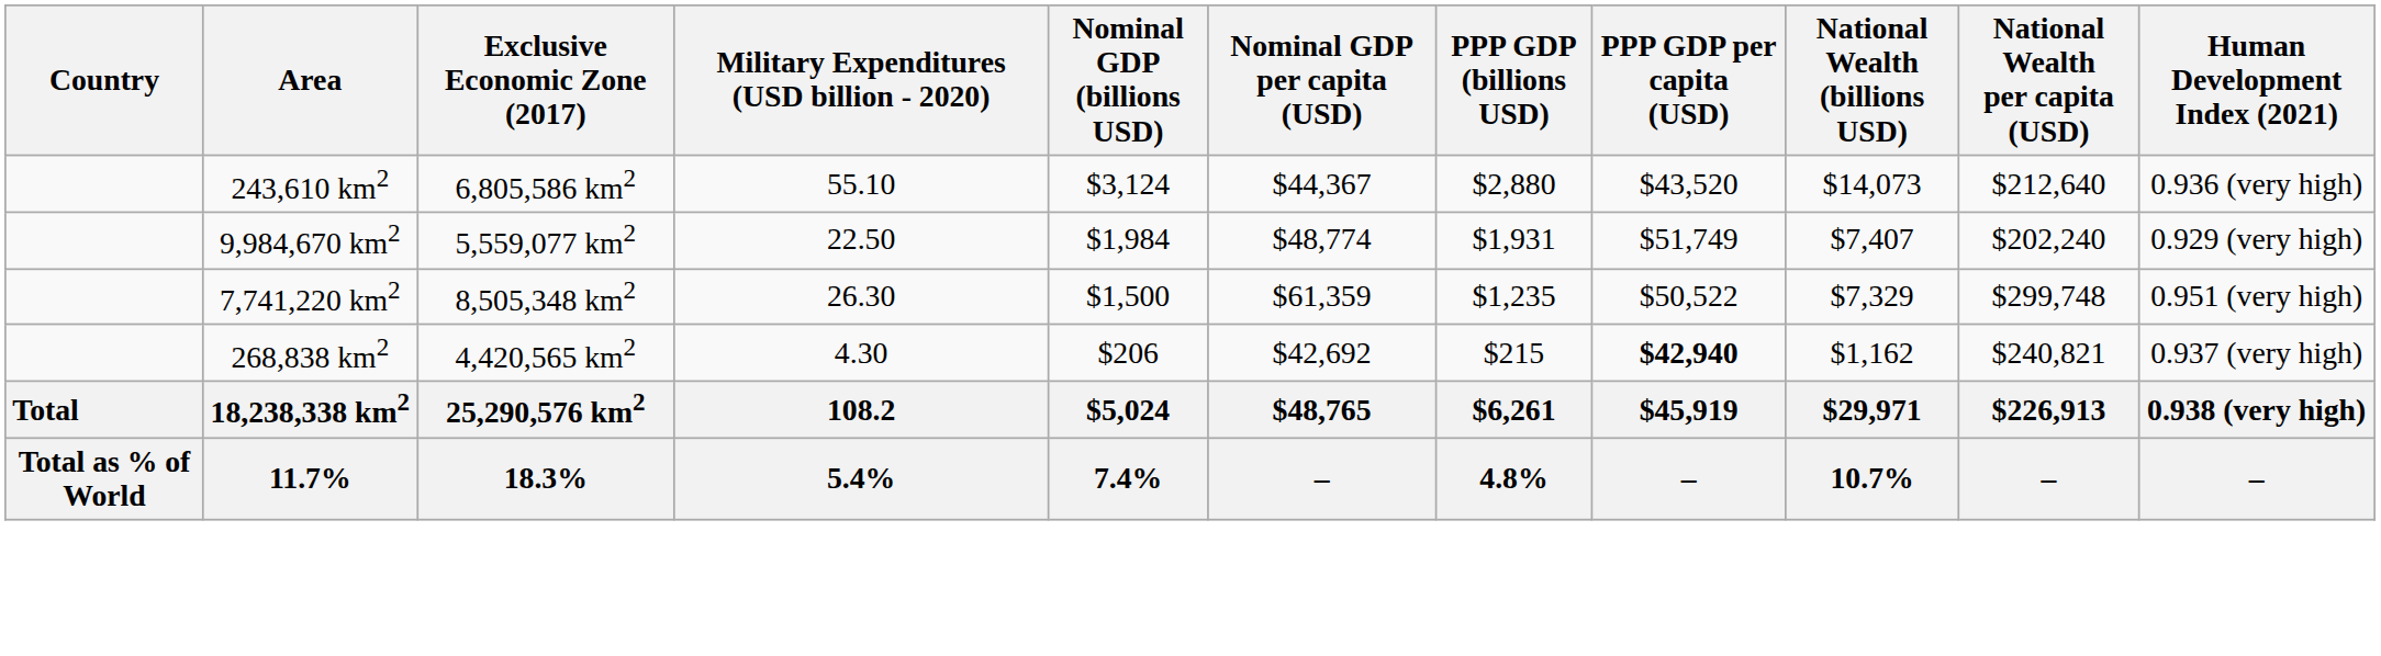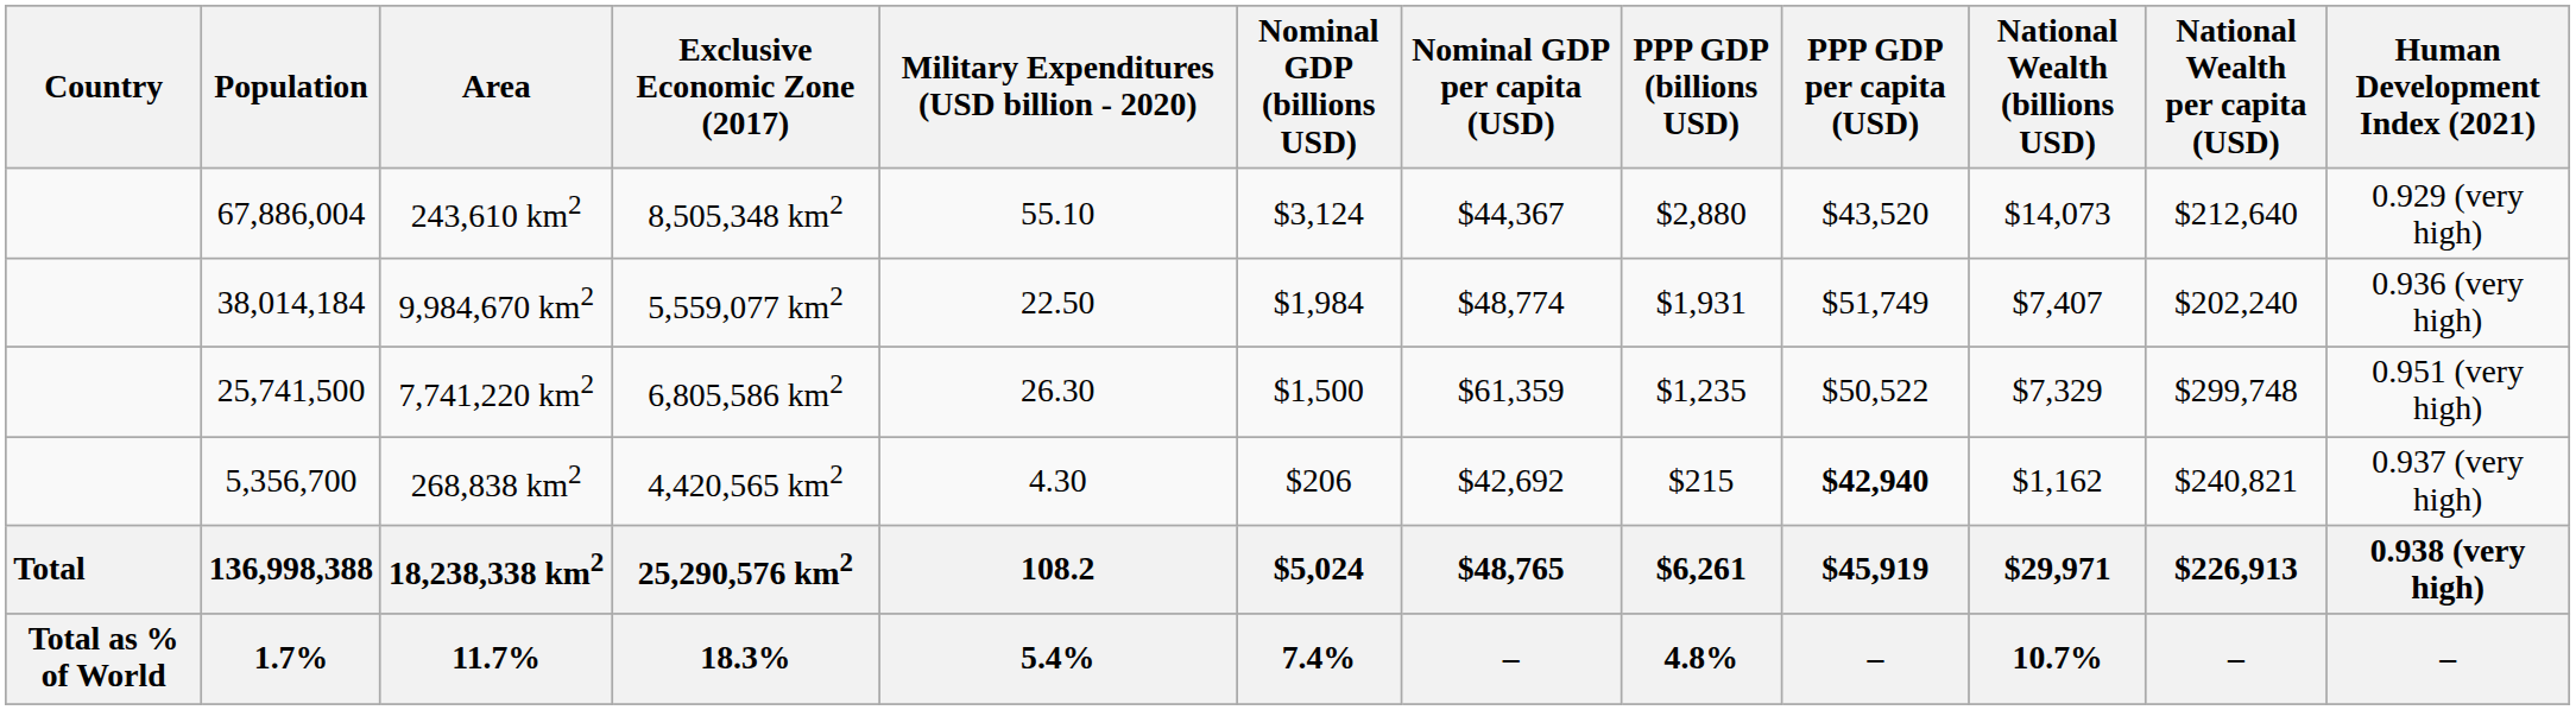 <table class="wikitable sortable" style="border:1px solid #aaa; text-align: center;">
 <tr>
 <th>Country</th>
+<th>Population</th>
 <th>Area</th>
 <th>Exclusive<br>Economic Zone (2017)</th>
 <th>Military Expenditures (USD billion - 2020)</th>
 <th>Nominal GDP<br>(billions USD)</th>
 <th>Nominal GDP per capita<br>(USD)</th>
 <th>PPP GDP<br>(billions USD)</th>
 <th>PPP GDP per capita<br>(USD)</th>
 <th>National Wealth<br>(billions USD)</th>
 <th>National Wealth<br>per capita (USD)</th>
 <th>Human Development<br>Index (2021)</th>
 </tr>
 <tr>
 <td style="text-align:left;"></td>
+<td>67,886,004</td>
 <td>243,610 km<sup>2</sup></td>
-<td>6,805,586 km<sup>2</sup></td>
+<td>8,505,348 km<sup>2</sup></td>
 <td>55.10</td>
 <td style="text-align:center;">$3,124</td>
 <td>$44,367</td>
 <td>$2,880</td>
 <td>$43,520</td>
 <td>$14,073</td>
 <td>$212,640</td>
-<td>0.936 (very high)</td>
+<td>0.929 (very high)</td>
 </tr>
 <tr>
 <td style="text-align:left;"></td>
+<td>38,014,184</td>
 <td>9,984,670 km<sup>2</sup></td>
 <td>5,559,077 km<sup>2</sup></td>
 <td>22.50</td>
 <td style="text-align:center;">$1,984</td>
 <td>$48,774</td>
 <td>$1,931</td>
 <td>$51,749</td>
 <td>$7,407</td>
 <td>$202,240</td>
-<td>0.929 (very high)</td>
+<td>0.936 (very high)</td>
 </tr>
 <tr>
 <td style="text-align:left;"></td>
+<td>25,741,500</td>
 <td>7,741,220 km<sup>2</sup></td>
-<td>8,505,348 km<sup>2</sup></td>
+<td>6,805,586 km<sup>2</sup></td>
 <td>26.30</td>
 <td style="text-align:center;">$1,500</td>
 <td>$61,359</td>
 <td>$1,235</td>
 <td>$50,522</td>
 <td>$7,329</td>
 <td>$299,748</td>
 <td>0.951 (very high)</td>
 </tr>
 <tr>
 <td style="text-align:left;"></td>
+<td>5,356,700</td>
 <td>268,838 km<sup>2</sup></td>
 <td>4,420,565 km<sup>2</sup></td>
 <td>4.30</td>
 <td style="text-align:center;">$206</td>
 <td>$42,692</td>
 <td>$215</td>
 <td><strong>$42,940</strong></td>
 <td>$1,162</td>
 <td>$240,821</td>
 <td>0.937 (very high)</td>
 </tr>
 <tr>
 <th style="text-align:left;">Total</th>
+<th>136,998,388</th>
 <th>18,238,338 km<sup>2</sup></th>
 <th>25,290,576 km<sup>2</sup></th>
 <th>108.2</th>
 <th>$5,024</th>
 <th>$48,765</th>
 <th>$6,261</th>
 <th>$45,919</th>
 <th>$29,971</th>
 <th>$226,913</th>
 <th>0.938 (very high)</th>
 </tr>
 <tr>
 <th>Total as % of World</th>
+<th>1.7%</th>
 <th>11.7%</th>
 <th>18.3%</th>
 <th>5.4%</th>
 <th>7.4%</th>
 <th>–</th>
 <th>4.8%</th>
 <th>–</th>
 <th>10.7%</th>
 <th>–</th>
 <th>–</th>
 </tr>
 </table>
